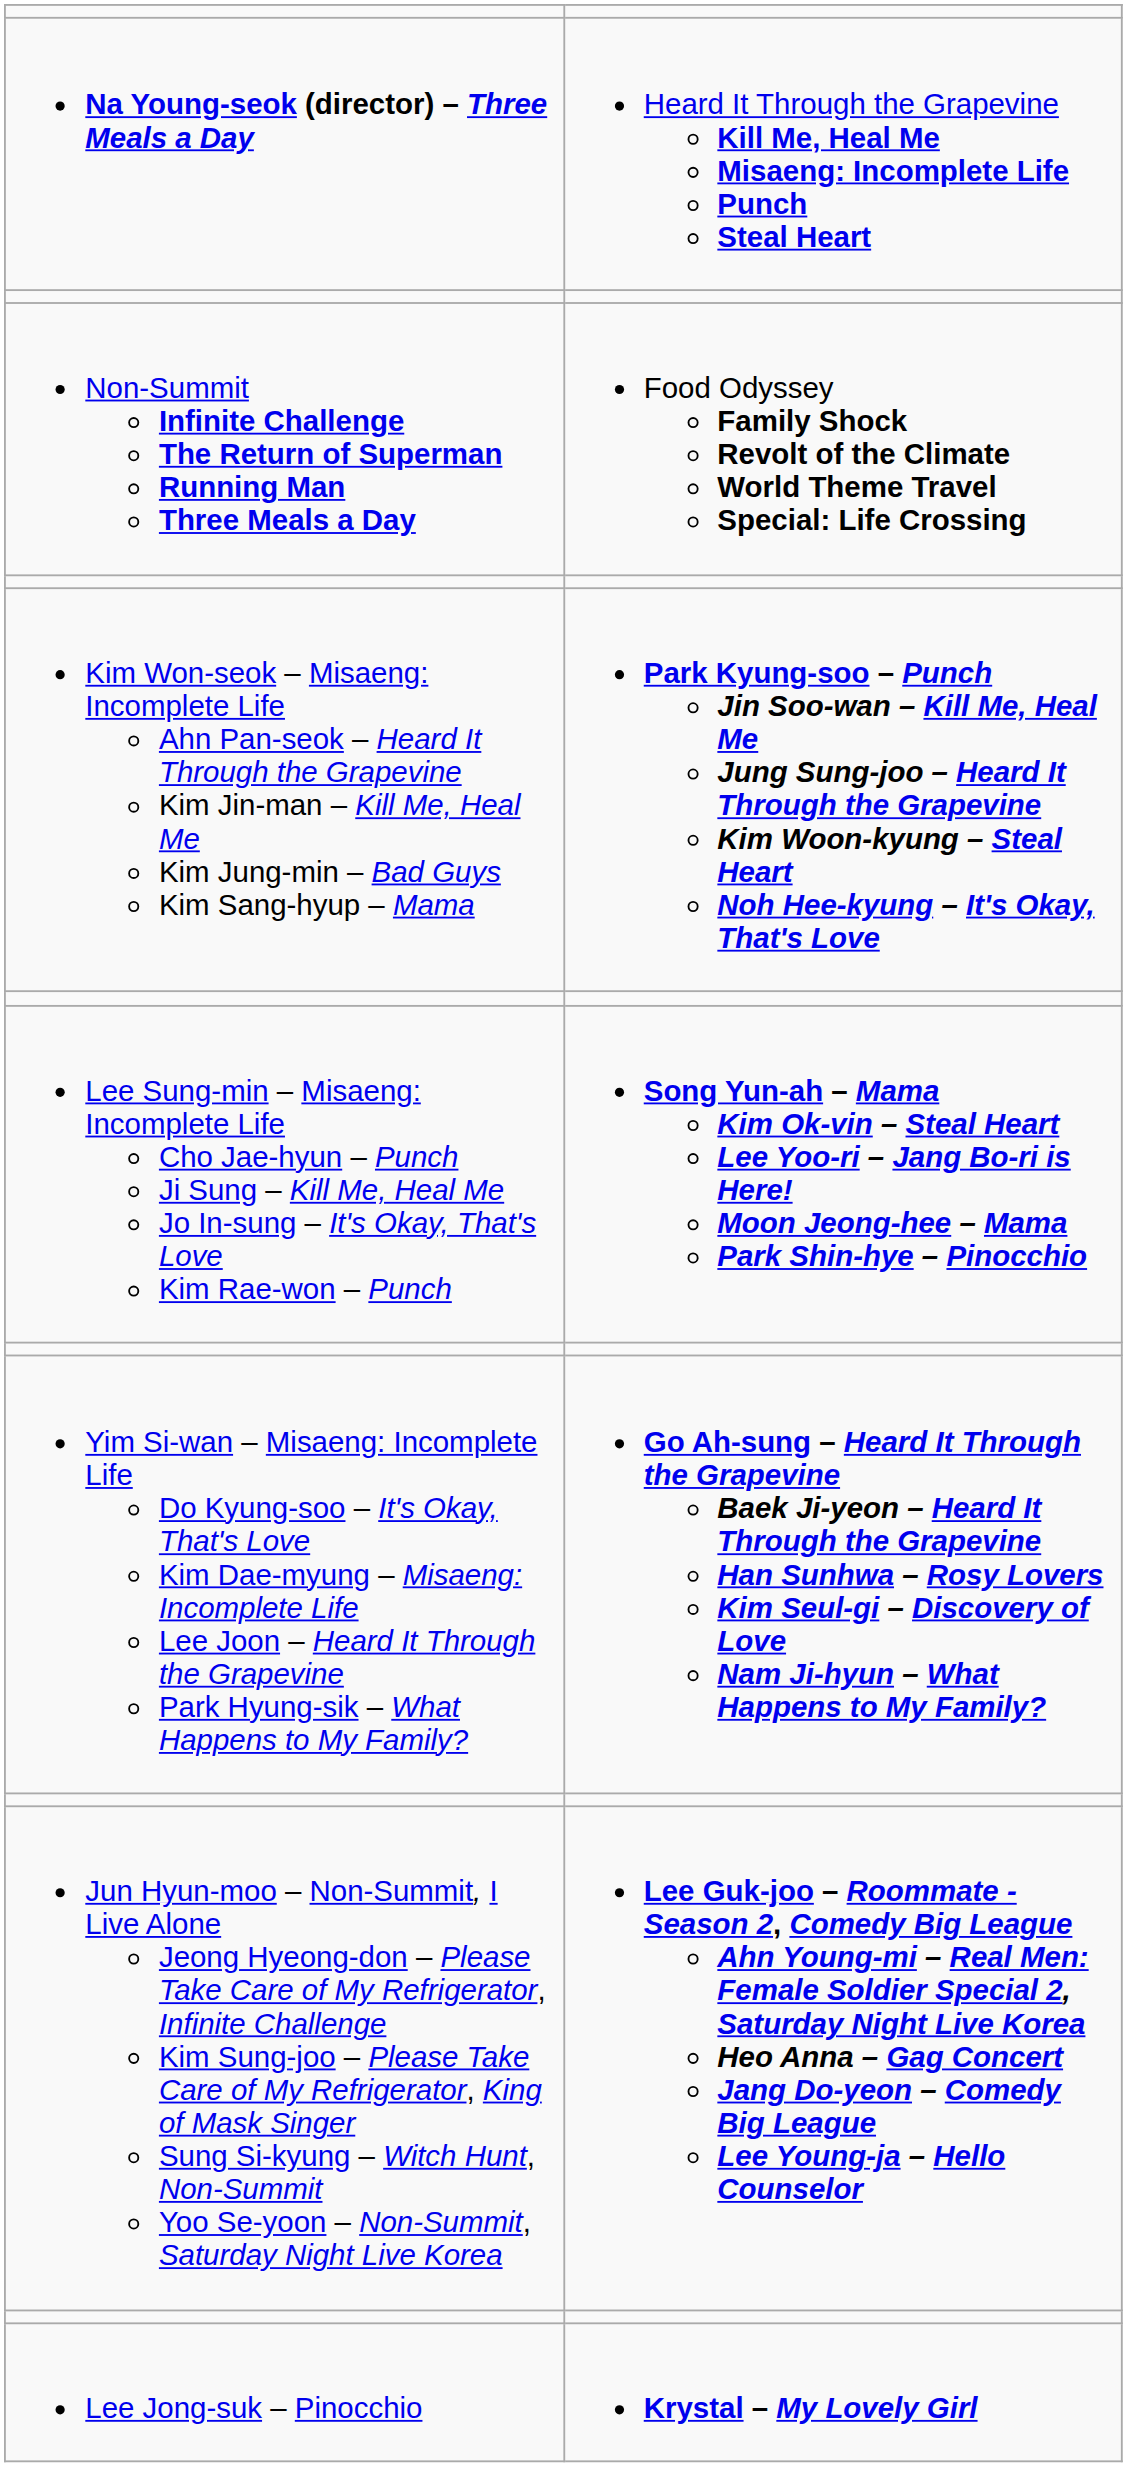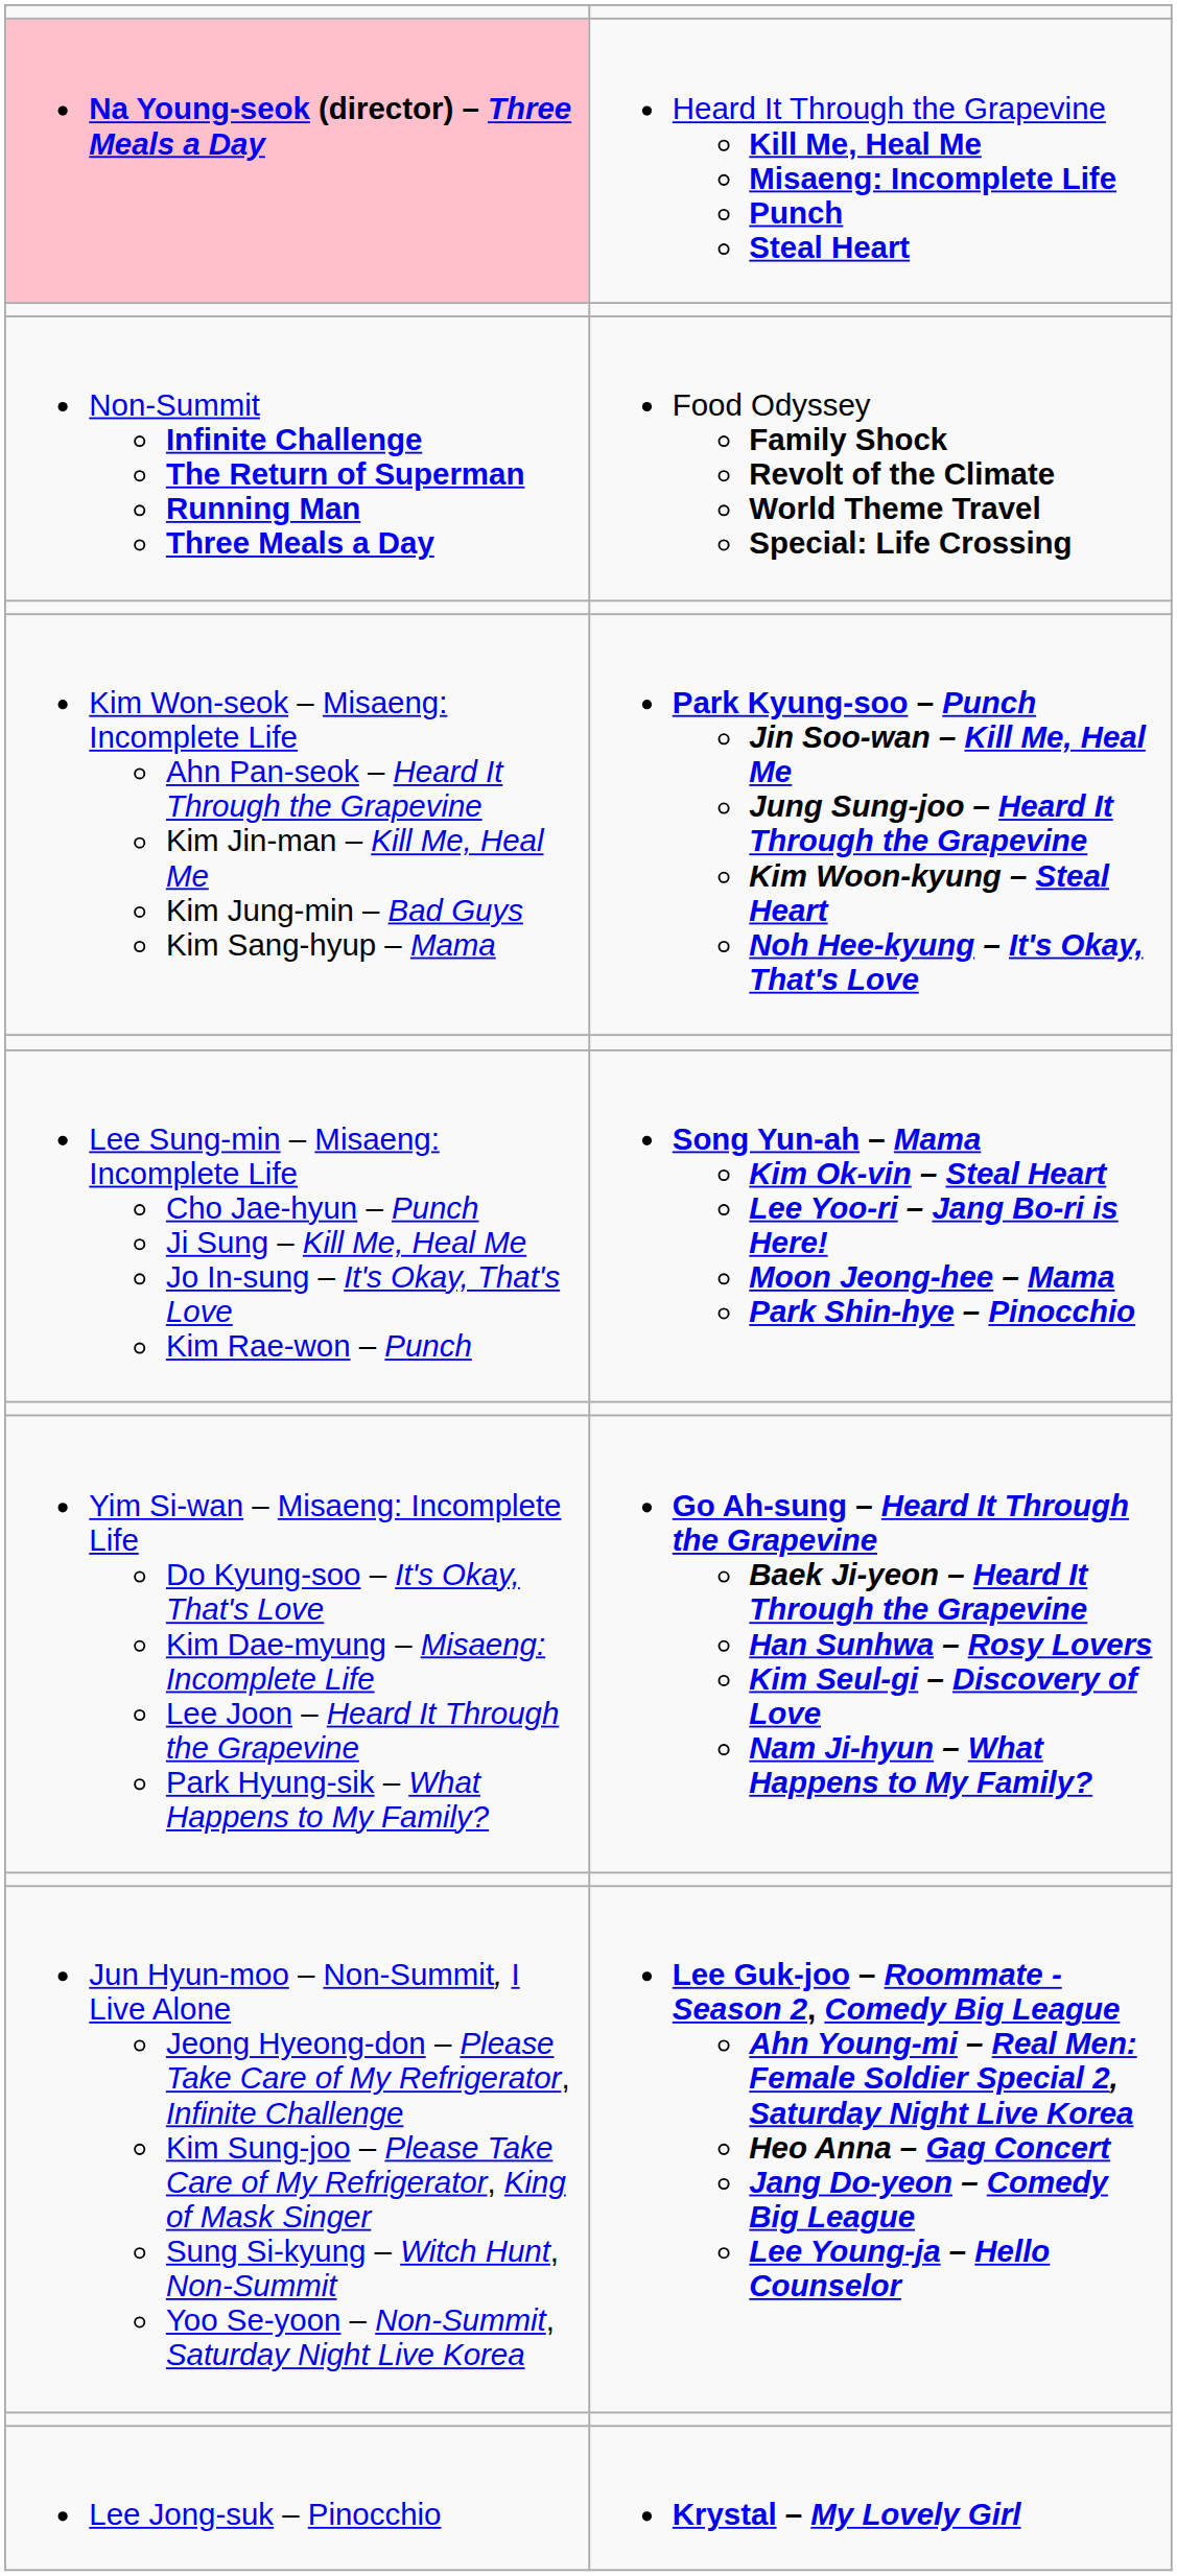 <table class="wikitable" align="center">
 <tr>
 <td style="vertical-align:top; width:50%;"></td>
 <td style="vertical-align:top; width:50%;"></td>
 </tr>
 <tr>
-<td valign="top"><br><ul><li><strong><a href='#'>Na Young-seok</a> (director) – <em><a href='#'>Three Meals a Day</a><strong><em></li></ul></td>
+<td valign="top" style="background: pink;"><br><ul><li><strong><a href='#'>Na Young-seok</a> (director) – <em><a href='#'>Three Meals a Day</a><strong><em></li></ul></td>
 <td valign="top"><br><ul><li></em></strong><a href='#'>Heard It Through the Grapevine</a><strong><em><ul><li></em><a href='#'>Kill Me, Heal Me</a><em></li><li></em><a href='#'>Misaeng: Incomplete Life</a><em></li><li></em><a href='#'>Punch</a><em></li><li></em><a href='#'>Steal Heart</a><em></li></ul></li></ul></td>
 </tr>
 <tr>
 <td style="vertical-align:top; width:50%;"></td>
 <td style="vertical-align:top; width:50%;"></td>
 </tr>
 <tr>
 <td valign="top"><br><ul><li></em></strong><a href='#'>Non-Summit</a><strong><em><ul><li></em><a href='#'>Infinite Challenge</a><em></li><li></em><a href='#'>The Return of Superman</a><em></li><li></em><a href='#'>Running Man</a><em></li><li></em><a href='#'>Three Meals a Day</a><em></li></ul></li></ul></td>
 <td valign="top"><br><ul><li></em></strong>Food Odyssey<strong><em><ul><li></em>Family Shock<em></li><li></em>Revolt of the Climate<em></li><li></em>World Theme Travel<em></li><li></em>Special: Life Crossing<em></li></ul></li></ul></td>
 </tr>
 <tr>
 <td style="vertical-align:top; width:50%;"></td>
 <td style="vertical-align:top; width:50%;"></td>
 </tr>
 <tr>
 <td valign="top"><br><ul><li></strong><a href='#'>Kim Won-seok</a> – </em><a href='#'>Misaeng: Incomplete Life</a></em></strong><ul><li><a href='#'>Ahn Pan-seok</a> – <em><a href='#'>Heard It Through the Grapevine</a></em></li><li>Kim Jin-man – <em><a href='#'>Kill Me, Heal Me</a></em></li><li>Kim Jung-min – <em><a href='#'>Bad Guys</a></em></li><li>Kim Sang-hyup – <em><a href='#'>Mama</a></em></li></ul></li></ul></td>
 <td valign="top"><br><ul><li><strong><a href='#'>Park Kyung-soo</a> – <em><a href='#'>Punch</a><strong><em><ul><li>Jin Soo-wan – </em><a href='#'>Kill Me, Heal Me</a><em></li><li>Jung Sung-joo – </em><a href='#'>Heard It Through the Grapevine</a><em></li><li>Kim Woon-kyung – </em><a href='#'>Steal Heart</a><em></li><li><a href='#'>Noh Hee-kyung</a> – </em><a href='#'>It's Okay, That's Love</a><em></li></ul></li></ul></td>
 </tr>
 <tr>
 <td style="vertical-align:top; width:50%;"></td>
 <td style="vertical-align:top; width:50%;"></td>
 </tr>
 <tr>
 <td valign="top"><br><ul><li></strong><a href='#'>Lee Sung-min</a> – </em><a href='#'>Misaeng: Incomplete Life</a></em></strong><ul><li><a href='#'>Cho Jae-hyun</a> – <em><a href='#'>Punch</a></em></li><li><a href='#'>Ji Sung</a> – <em><a href='#'>Kill Me, Heal Me</a></em></li><li><a href='#'>Jo In-sung</a> – <em><a href='#'>It's Okay, That's Love</a></em></li><li><a href='#'>Kim Rae-won</a> – <em><a href='#'>Punch</a></em></li></ul></li></ul></td>
 <td valign="top"><br><ul><li><strong><a href='#'>Song Yun-ah</a> – <em><a href='#'>Mama</a><strong><em><ul><li><a href='#'>Kim Ok-vin</a> – </em><a href='#'>Steal Heart</a><em></li><li><a href='#'>Lee Yoo-ri</a> – </em><a href='#'>Jang Bo-ri is Here!</a><em></li><li><a href='#'>Moon Jeong-hee</a> – </em><a href='#'>Mama</a><em></li><li><a href='#'>Park Shin-hye</a> – </em><a href='#'>Pinocchio</a><em></li></ul></li></ul></td>
 </tr>
 <tr>
 <td style="vertical-align:top; width:50%;"></td>
 <td style="vertical-align:top; width:50%;"></td>
 </tr>
 <tr>
 <td valign="top"><br><ul><li></strong><a href='#'>Yim Si-wan</a> – </em><a href='#'>Misaeng: Incomplete Life</a></em></strong><ul><li><a href='#'>Do Kyung-soo</a> – <em><a href='#'>It's Okay, That's Love</a></em></li><li><a href='#'>Kim Dae-myung</a> – <em><a href='#'>Misaeng: Incomplete Life</a></em></li><li><a href='#'>Lee Joon</a> – <em><a href='#'>Heard It Through the Grapevine</a></em></li><li><a href='#'>Park Hyung-sik</a> – <em><a href='#'>What Happens to My Family?</a></em></li></ul></li></ul></td>
 <td valign="top"><br><ul><li><strong><a href='#'>Go Ah-sung</a> – <em><a href='#'>Heard It Through the Grapevine</a><strong><em><ul><li>Baek Ji-yeon – </em><a href='#'>Heard It Through the Grapevine</a><em></li><li><a href='#'>Han Sunhwa</a> – </em><a href='#'>Rosy Lovers</a><em></li><li><a href='#'>Kim Seul-gi</a> – </em><a href='#'>Discovery of Love</a><em></li><li><a href='#'>Nam Ji-hyun</a> – </em><a href='#'>What Happens to My Family?</a><em></li></ul></li></ul></td>
 </tr>
 <tr>
 <td style="vertical-align:top; width:50%;"></td>
 <td style="vertical-align:top; width:50%;"></td>
 </tr>
 <tr>
 <td valign="top"><br><ul><li></strong><a href='#'>Jun Hyun-moo</a> – </em><a href='#'>Non-Summit</a><em>, </em><a href='#'>I Live Alone</a></em></strong><ul><li><a href='#'>Jeong Hyeong-don</a> – <em><a href='#'>Please Take Care of My Refrigerator</a></em>, <em><a href='#'>Infinite Challenge</a></em></li><li><a href='#'>Kim Sung-joo</a> – <em><a href='#'>Please Take Care of My Refrigerator</a></em>, <em><a href='#'>King of Mask Singer</a></em></li><li><a href='#'>Sung Si-kyung</a> – <em><a href='#'>Witch Hunt</a></em>, <em><a href='#'>Non-Summit</a></em></li><li><a href='#'>Yoo Se-yoon</a> – <em><a href='#'>Non-Summit</a></em>, <em><a href='#'>Saturday Night Live Korea</a></em></li></ul></li></ul></td>
 <td valign="top"><br><ul><li><strong><a href='#'>Lee Guk-joo</a> – <em><a href='#'>Roommate - Season 2</a></em>, <em><a href='#'>Comedy Big League</a><strong><em><ul><li><a href='#'>Ahn Young-mi</a> – </em><a href='#'>Real Men: Female Soldier Special 2</a><em>, </em><a href='#'>Saturday Night Live Korea</a><em></li><li>Heo Anna – </em><a href='#'>Gag Concert</a><em></li><li><a href='#'>Jang Do-yeon</a> – </em><a href='#'>Comedy Big League</a><em></li><li><a href='#'>Lee Young-ja</a> – </em><a href='#'>Hello Counselor</a><em></li></ul></li></ul></td>
 </tr>
 <tr>
 <td style="vertical-align:top; width:50%;"></td>
 <td style="vertical-align:top; width:50%;"></td>
 </tr>
 <tr>
 <td valign="top"><strong><br><ul><li></strong><a href='#'>Lee Jong-suk</a> – </em><a href='#'>Pinocchio</a></em></strong></li></ul></strong></td>
 <td valign="top"><br><ul><li><strong><a href='#'>Krystal</a> – <em><a href='#'>My Lovely Girl</a><strong><em></li></ul></td>
 </tr>
 </table>
